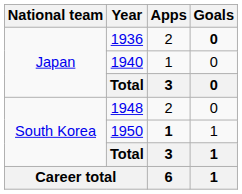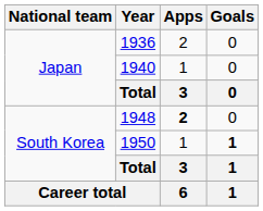 <table class=wikitable style=text-align:center>
 <tr>
 <th>National team</th>
 <th>Year</th>
 <th>Apps</th>
 <th>Goals</th>
 </tr>
 <tr>
 <td rowspan=3><a href='#'>Japan</a></td>
 <td><a href='#'>1936</a></td>
 <td>2</td>
-<td><strong>0</strong></td>
+<td>0</td>
 </tr>
 <tr>
 <td><a href='#'>1940</a></td>
 <td>1</td>
 <td>0</td>
 </tr>
 <tr>
 <th>Total</th>
 <th>3</th>
 <th>0</th>
 </tr>
 <tr>
 <td rowspan=3><a href='#'>South Korea</a></td>
 <td><a href='#'>1948</a></td>
-<td>2</td>
+<td><strong>2</strong></td>
 <td>0</td>
 </tr>
 <tr>
 <td><a href='#'>1950</a></td>
+<td>1</td>
 <td><strong>1</strong></td>
-<td>1</td>
 </tr>
 <tr>
 <th>Total</th>
 <th>3</th>
 <th>1</th>
 </tr>
 <tr>
 <th colspan=2>Career total</th>
 <th>6</th>
 <th>1</th>
 </tr>
 </table>
